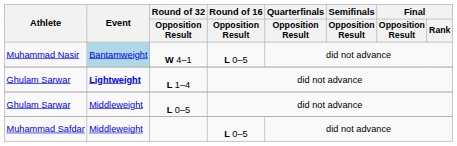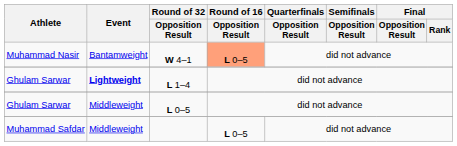 <table class="wikitable" style="font-size:90%">
 <tr>
 <th rowspan="2">Athlete</th>
 <th rowspan="2">Event</th>
 <th>Round of 32</th>
 <th>Round of 16</th>
 <th>Quarterfinals</th>
 <th>Semifinals</th>
 <th colspan=2>Final</th>
 </tr>
 <tr style="font-size:95%">
 <th>Opposition<br>Result</th>
 <th>Opposition<br>Result</th>
 <th>Opposition<br>Result</th>
 <th>Opposition<br>Result</th>
 <th>Opposition<br>Result</th>
 <th>Rank</th>
 </tr>
 <tr align=center>
 <td align=left><a href='#'>Muhammad Nasir</a></td>
-<td align=left style="background: lightblue;"><a href='#'>Bantamweight</a></td>
+<td align=left><a href='#'>Bantamweight</a></td>
 <td><br><strong>W</strong> 4–1</td>
-<td><br><strong>L</strong> 0–5</td>
+<td style="background: lightsalmon;"><br><strong>L</strong> 0–5</td>
 <td colspan=5>did not advance</td>
 </tr>
 <tr>
 </tr>
 <tr align=center>
 <td align=left><a href='#'>Ghulam Sarwar</a></td>
 <td align=left><strong><a href='#'>Lightweight</a></strong></td>
 <td><br><strong>L</strong> 1–4</td>
 <td colspan=7>did not advance</td>
 </tr>
 <tr>
 </tr>
 <tr align=center>
 <td align=left><a href='#'>Ghulam Sarwar</a></td>
 <td align=left><a href='#'>Middleweight</a></td>
 <td><br><strong>L</strong> 0–5</td>
 <td colspan=7>did not advance</td>
 </tr>
 <tr>
 </tr>
 <tr align=center>
 <td align=left><a href='#'>Muhammad Safdar</a></td>
 <td align=left><a href='#'>Middleweight</a></td>
 <td></td>
 <td><br><strong>L</strong> 0–5</td>
 <td colspan=5>did not advance</td>
 </tr>
 </table>
